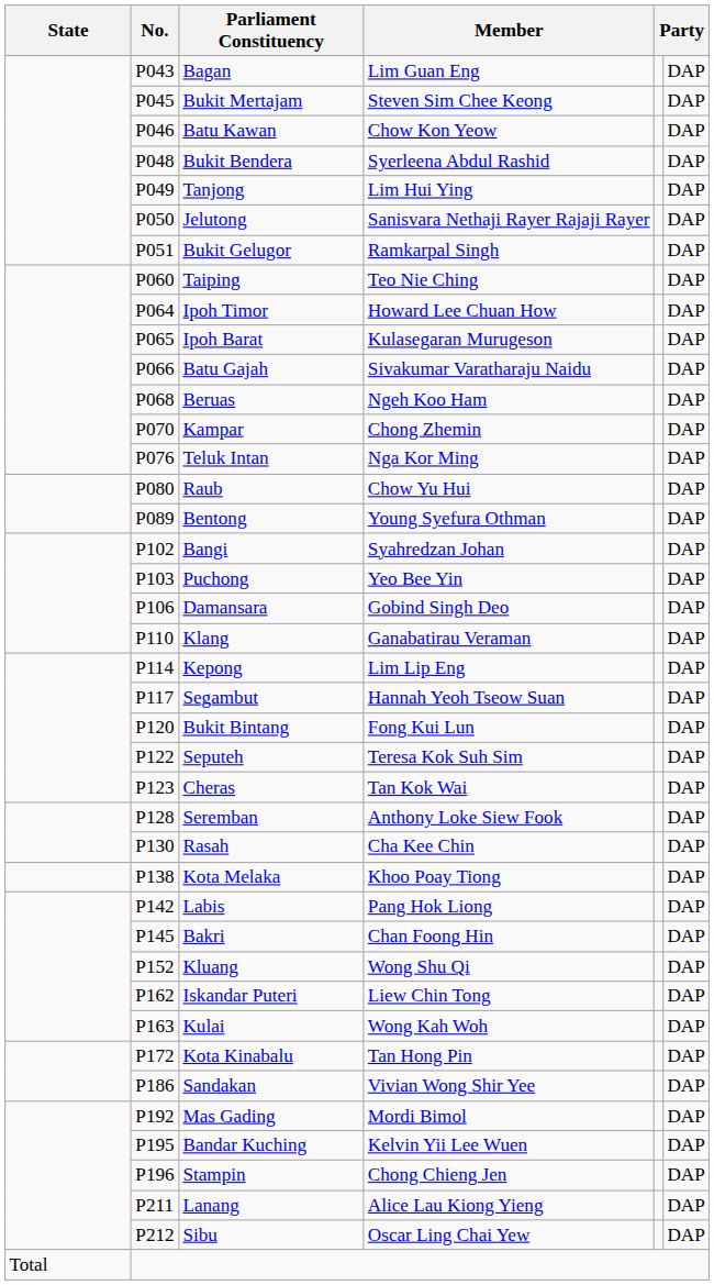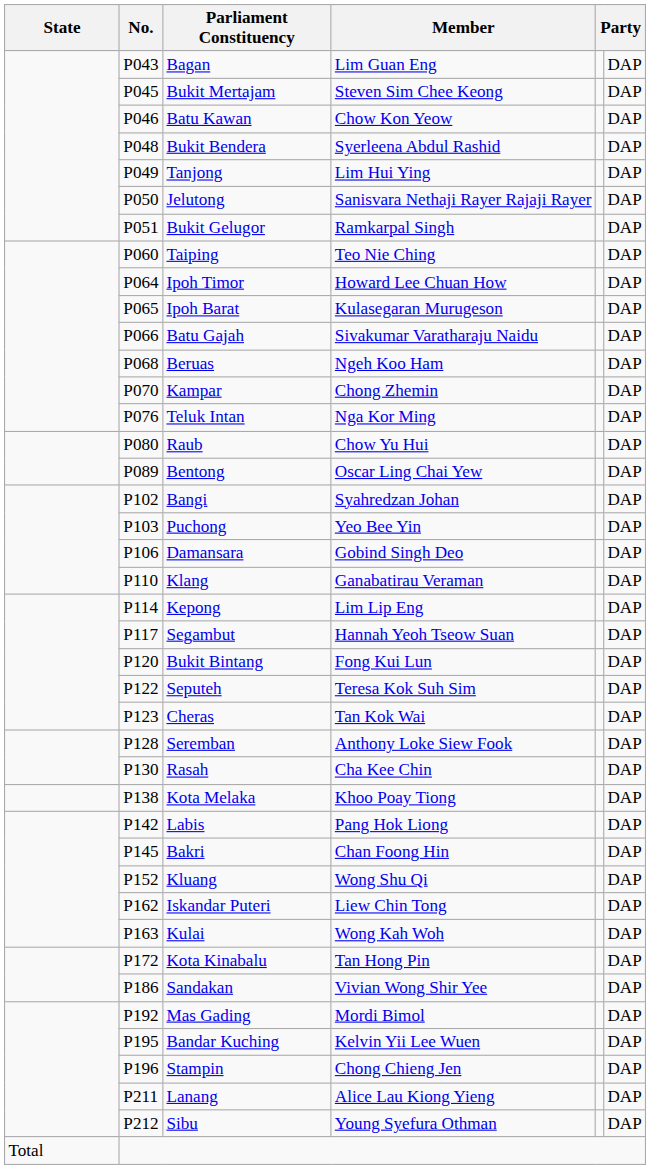 <table class ="wikitable sortable">
 <tr>
 <th style="width:100px;">State</th>
 <th style="width:30px;">No.</th>
 <th style="width:150px;">Parliament Constituency</th>
 <th style="width:240px;">Member</th>
 <th style="width:10px;" colspan=2>Party</th>
 </tr>
 <tr>
 <td rowspan=7></td>
 <td>P043</td>
 <td><a href='#'>Bagan</a></td>
 <td><a href='#'>Lim Guan Eng</a></td>
 <td></td>
 <td>DAP</td>
 </tr>
 <tr>
 <td>P045</td>
 <td><a href='#'>Bukit Mertajam</a></td>
 <td><a href='#'>Steven Sim Chee Keong</a></td>
 <td></td>
 <td>DAP</td>
 </tr>
 <tr>
 <td>P046</td>
 <td><a href='#'>Batu Kawan</a></td>
 <td><a href='#'>Chow Kon Yeow</a></td>
 <td></td>
 <td>DAP</td>
 </tr>
 <tr>
 <td>P048</td>
 <td><a href='#'>Bukit Bendera</a></td>
 <td><a href='#'>Syerleena Abdul Rashid</a></td>
 <td></td>
 <td>DAP</td>
 </tr>
 <tr>
 <td>P049</td>
 <td><a href='#'>Tanjong</a></td>
 <td><a href='#'>Lim Hui Ying</a></td>
 <td></td>
 <td>DAP</td>
 </tr>
 <tr>
 <td>P050</td>
 <td><a href='#'>Jelutong</a></td>
 <td><a href='#'>Sanisvara Nethaji Rayer Rajaji Rayer</a></td>
 <td></td>
 <td>DAP</td>
 </tr>
 <tr>
 <td>P051</td>
 <td><a href='#'>Bukit Gelugor</a></td>
 <td><a href='#'>Ramkarpal Singh</a></td>
 <td></td>
 <td>DAP</td>
 </tr>
 <tr>
 <td rowspan=7></td>
 <td>P060</td>
 <td><a href='#'>Taiping</a></td>
 <td><a href='#'>Teo Nie Ching</a></td>
 <td></td>
 <td>DAP</td>
 </tr>
 <tr>
 <td>P064</td>
 <td><a href='#'>Ipoh Timor</a></td>
 <td><a href='#'>Howard Lee Chuan How</a></td>
 <td></td>
 <td>DAP</td>
 </tr>
 <tr>
 <td>P065</td>
 <td><a href='#'>Ipoh Barat</a></td>
 <td><a href='#'>Kulasegaran Murugeson</a></td>
 <td></td>
 <td>DAP</td>
 </tr>
 <tr>
 <td>P066</td>
 <td><a href='#'>Batu Gajah</a></td>
 <td><a href='#'>Sivakumar Varatharaju Naidu</a></td>
 <td></td>
 <td>DAP</td>
 </tr>
 <tr>
 <td>P068</td>
 <td><a href='#'>Beruas</a></td>
 <td><a href='#'>Ngeh Koo Ham</a></td>
 <td></td>
 <td>DAP</td>
 </tr>
 <tr>
 <td>P070</td>
 <td><a href='#'>Kampar</a></td>
 <td><a href='#'>Chong Zhemin</a></td>
 <td></td>
 <td>DAP</td>
 </tr>
 <tr>
 <td>P076</td>
 <td><a href='#'>Teluk Intan</a></td>
 <td><a href='#'>Nga Kor Ming</a></td>
 <td></td>
 <td>DAP</td>
 </tr>
 <tr>
 <td rowspan=2></td>
 <td>P080</td>
 <td><a href='#'>Raub</a></td>
 <td><a href='#'>Chow Yu Hui</a></td>
 <td></td>
 <td>DAP</td>
 </tr>
 <tr>
 <td>P089</td>
 <td><a href='#'>Bentong</a></td>
-<td><a href='#'>Young Syefura Othman</a></td>
+<td><a href='#'>Oscar Ling Chai Yew</a></td>
 <td></td>
 <td>DAP</td>
 </tr>
 <tr>
 <td rowspan=4></td>
 <td>P102</td>
 <td><a href='#'>Bangi</a></td>
 <td><a href='#'>Syahredzan Johan</a></td>
 <td></td>
 <td>DAP</td>
 </tr>
 <tr>
 <td>P103</td>
 <td><a href='#'>Puchong</a></td>
 <td><a href='#'>Yeo Bee Yin</a></td>
 <td></td>
 <td>DAP</td>
 </tr>
 <tr>
 <td>P106</td>
 <td><a href='#'>Damansara</a></td>
 <td><a href='#'>Gobind Singh Deo</a></td>
 <td></td>
 <td>DAP</td>
 </tr>
 <tr>
 <td>P110</td>
 <td><a href='#'>Klang</a></td>
 <td><a href='#'>Ganabatirau Veraman</a></td>
 <td></td>
 <td>DAP</td>
 </tr>
 <tr>
 <td rowspan=5></td>
 <td>P114</td>
 <td><a href='#'>Kepong</a></td>
 <td><a href='#'>Lim Lip Eng</a></td>
 <td></td>
 <td>DAP</td>
 </tr>
 <tr>
 <td>P117</td>
 <td><a href='#'>Segambut</a></td>
 <td><a href='#'>Hannah Yeoh Tseow Suan</a></td>
 <td></td>
 <td>DAP</td>
 </tr>
 <tr>
 <td>P120</td>
 <td><a href='#'>Bukit Bintang</a></td>
 <td><a href='#'>Fong Kui Lun</a></td>
 <td></td>
 <td>DAP</td>
 </tr>
 <tr>
 <td>P122</td>
 <td><a href='#'>Seputeh</a></td>
 <td><a href='#'>Teresa Kok Suh Sim</a></td>
 <td></td>
 <td>DAP</td>
 </tr>
 <tr>
 <td>P123</td>
 <td><a href='#'>Cheras</a></td>
 <td><a href='#'>Tan Kok Wai</a></td>
 <td></td>
 <td>DAP</td>
 </tr>
 <tr>
 <td rowspan=2></td>
 <td>P128</td>
 <td><a href='#'>Seremban</a></td>
 <td><a href='#'>Anthony Loke Siew Fook</a></td>
 <td></td>
 <td>DAP</td>
 </tr>
 <tr>
 <td>P130</td>
 <td><a href='#'>Rasah</a></td>
 <td><a href='#'>Cha Kee Chin</a></td>
 <td></td>
 <td>DAP</td>
 </tr>
 <tr>
 <td></td>
 <td>P138</td>
 <td><a href='#'>Kota Melaka</a></td>
 <td><a href='#'>Khoo Poay Tiong</a></td>
 <td></td>
 <td>DAP</td>
 </tr>
 <tr>
 <td rowspan=5></td>
 <td>P142</td>
 <td><a href='#'>Labis</a></td>
 <td><a href='#'>Pang Hok Liong</a></td>
 <td></td>
 <td>DAP</td>
 </tr>
 <tr>
 <td>P145</td>
 <td><a href='#'>Bakri</a></td>
 <td><a href='#'>Chan Foong Hin</a></td>
 <td></td>
 <td>DAP</td>
 </tr>
 <tr>
 <td>P152</td>
 <td><a href='#'>Kluang</a></td>
 <td><a href='#'>Wong Shu Qi</a></td>
 <td></td>
 <td>DAP</td>
 </tr>
 <tr>
 <td>P162</td>
 <td><a href='#'>Iskandar Puteri</a></td>
 <td><a href='#'>Liew Chin Tong</a></td>
 <td></td>
 <td>DAP</td>
 </tr>
 <tr>
 <td>P163</td>
 <td><a href='#'>Kulai</a></td>
 <td><a href='#'>Wong Kah Woh</a></td>
 <td></td>
 <td>DAP</td>
 </tr>
 <tr>
 <td rowspan="2"></td>
 <td>P172</td>
 <td><a href='#'>Kota Kinabalu</a></td>
 <td><a href='#'>Tan Hong Pin</a></td>
 <td></td>
 <td>DAP</td>
 </tr>
 <tr>
 <td>P186</td>
 <td><a href='#'>Sandakan</a></td>
 <td><a href='#'>Vivian Wong Shir Yee</a></td>
 <td></td>
 <td>DAP</td>
 </tr>
 <tr>
 <td rowspan=5></td>
 <td>P192</td>
 <td><a href='#'>Mas Gading</a></td>
 <td><a href='#'>Mordi Bimol</a></td>
 <td></td>
 <td>DAP</td>
 </tr>
 <tr>
 <td>P195</td>
 <td><a href='#'>Bandar Kuching</a></td>
 <td><a href='#'>Kelvin Yii Lee Wuen</a></td>
 <td></td>
 <td>DAP</td>
 </tr>
 <tr>
 <td>P196</td>
 <td><a href='#'>Stampin</a></td>
 <td><a href='#'>Chong Chieng Jen</a></td>
 <td></td>
 <td>DAP</td>
 </tr>
 <tr>
 <td>P211</td>
 <td><a href='#'>Lanang</a></td>
 <td><a href='#'>Alice Lau Kiong Yieng</a></td>
 <td></td>
 <td>DAP</td>
 </tr>
 <tr>
 <td>P212</td>
 <td><a href='#'>Sibu</a></td>
-<td><a href='#'>Oscar Ling Chai Yew</a></td>
+<td><a href='#'>Young Syefura Othman</a></td>
 <td></td>
 <td>DAP</td>
 </tr>
 <tr>
 <td>Total</td>
 <td style="width:30px;" colspan=6></td>
 </tr>
 </table>
